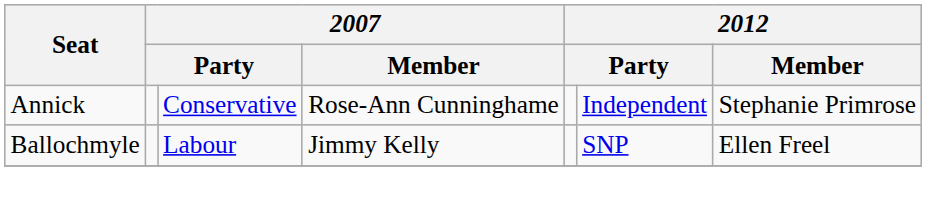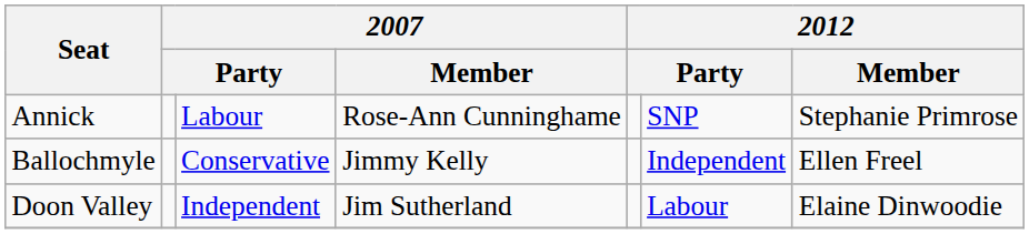 <table class="wikitable">
 <tr>
 <th rowspan="2" style="text-align:center">Seat</th>
 <th colspan="3" style="text-align:center"><em>2007</em></th>
 <th colspan="3" style="text-align:center"><em>2012</em></th>
 </tr>
 <tr>
 <th colspan="2" style="text-align:center">Party</th>
 <th style="text-align:center">Member</th>
 <th colspan="2" style="text-align:center">Party</th>
 <th style="text-align:center">Member</th>
 </tr>
 <tr>
 <td>Annick</td>
 <td></td>
-<td><a href='#'>Conservative</a></td>
+<td><a href='#'>Labour</a></td>
 <td>Rose-Ann Cunninghame</td>
 <td></td>
-<td><a href='#'>Independent</a></td>
+<td><a href='#'>SNP</a></td>
 <td>Stephanie Primrose</td>
 </tr>
 <tr>
 <td>Ballochmyle</td>
 <td></td>
-<td><a href='#'>Labour</a></td>
+<td><a href='#'>Conservative</a></td>
 <td>Jimmy Kelly</td>
 <td></td>
-<td><a href='#'>SNP</a></td>
+<td><a href='#'>Independent</a></td>
 <td>Ellen Freel</td>
+</tr>
+<tr>
+<td>Doon Valley</td>
+<td></td>
+<td><a href='#'>Independent</a></td>
+<td>Jim Sutherland</td>
+<td></td>
+<td><a href='#'>Labour</a></td>
+<td>Elaine Dinwoodie</td>
 </tr>
 <tr>
 </tr>
 </table>
